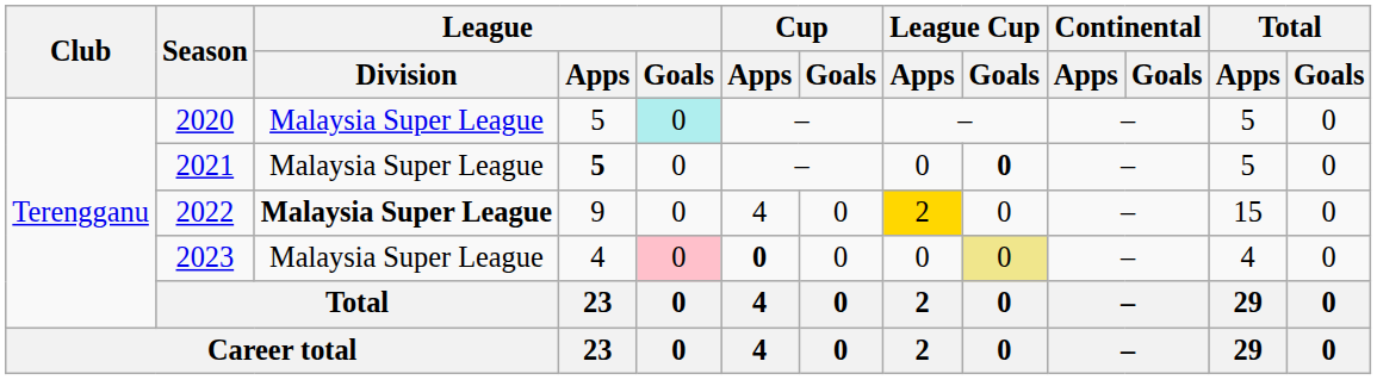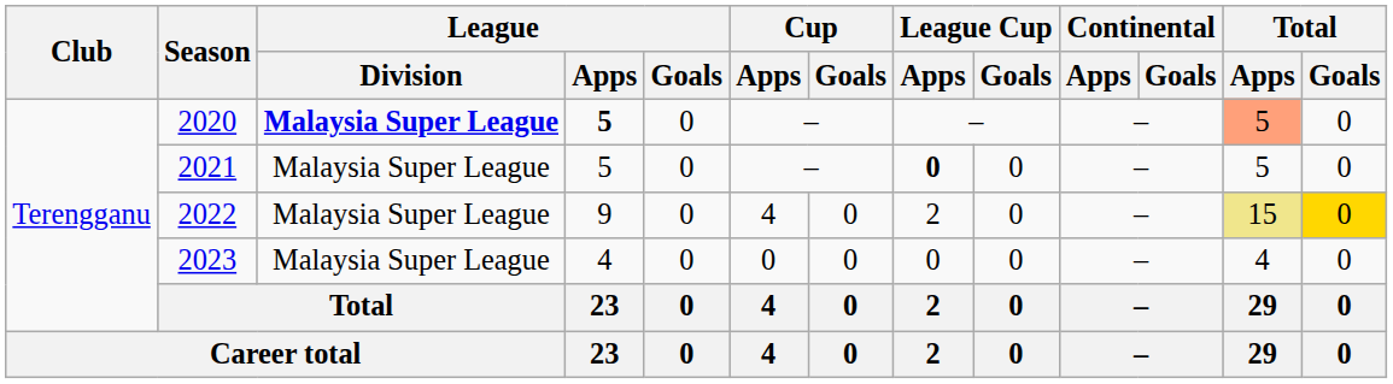 <table class=wikitable style="text-align:center">
 <tr>
 <th rowspan=2>Club</th>
 <th rowspan=2>Season</th>
 <th colspan=3>League</th>
 <th colspan=2>Cup</th>
 <th colspan=2>League Cup</th>
 <th colspan=2>Continental</th>
 <th colspan=2>Total</th>
 </tr>
 <tr>
 <th>Division</th>
 <th>Apps</th>
 <th>Goals</th>
 <th>Apps</th>
 <th>Goals</th>
 <th>Apps</th>
 <th>Goals</th>
 <th>Apps</th>
 <th>Goals</th>
 <th>Apps</th>
 <th>Goals</th>
 </tr>
 <tr>
 <td rowspan=5><a href='#'>Terengganu</a></td>
 <td><a href='#'>2020</a></td>
-<td><a href='#'>Malaysia Super League</a></td>
-<td>5</td>
-<td style="background: paleturquoise;">0</td>
+<td><strong><a href='#'>Malaysia Super League</a></strong></td>
+<td><strong>5</strong></td>
+<td>0</td>
 <td colspan="2">–</td>
 <td colspan="2">–</td>
 <td colspan="2">–</td>
-<td>5</td>
+<td style="background: lightsalmon;">5</td>
 <td>0</td>
 </tr>
 <tr>
 <td><a href='#'>2021</a></td>
 <td>Malaysia Super League</td>
-<td><strong>5</strong></td>
+<td>5</td>
 <td>0</td>
 <td colspan="2">–</td>
+<td><strong>0</strong></td>
 <td>0</td>
-<td><strong>0</strong></td>
 <td colspan="2">–</td>
 <td>5</td>
 <td>0</td>
 </tr>
 <tr>
 <td><a href='#'>2022</a></td>
-<td><strong>Malaysia Super League</strong></td>
+<td>Malaysia Super League</td>
 <td>9</td>
 <td>0</td>
 <td>4</td>
 <td>0</td>
-<td style="background: gold;">2</td>
+<td>2</td>
 <td>0</td>
 <td colspan="2">–</td>
-<td>15</td>
-<td>0</td>
+<td style="background: khaki;">15</td>
+<td style="background: gold;">0</td>
 </tr>
 <tr>
 <td><a href='#'>2023</a></td>
 <td>Malaysia Super League</td>
 <td>4</td>
-<td style="background: pink;">0</td>
-<td><strong>0</strong></td>
 <td>0</td>
 <td>0</td>
-<td style="background: khaki;">0</td>
+<td>0</td>
+<td>0</td>
+<td>0</td>
 <td colspan="2">–</td>
 <td>4</td>
 <td>0</td>
 </tr>
 <tr>
 <th colspan=2>Total</th>
 <th>23</th>
 <th>0</th>
 <th>4</th>
 <th>0</th>
 <th>2</th>
 <th>0</th>
 <th colspan="2">–</th>
 <th>29</th>
 <th>0</th>
 </tr>
 <tr>
 <th colspan=3>Career total</th>
 <th>23</th>
 <th>0</th>
 <th>4</th>
 <th>0</th>
 <th>2</th>
 <th>0</th>
 <th colspan="2">–</th>
 <th>29</th>
 <th>0</th>
 </tr>
 </table>
